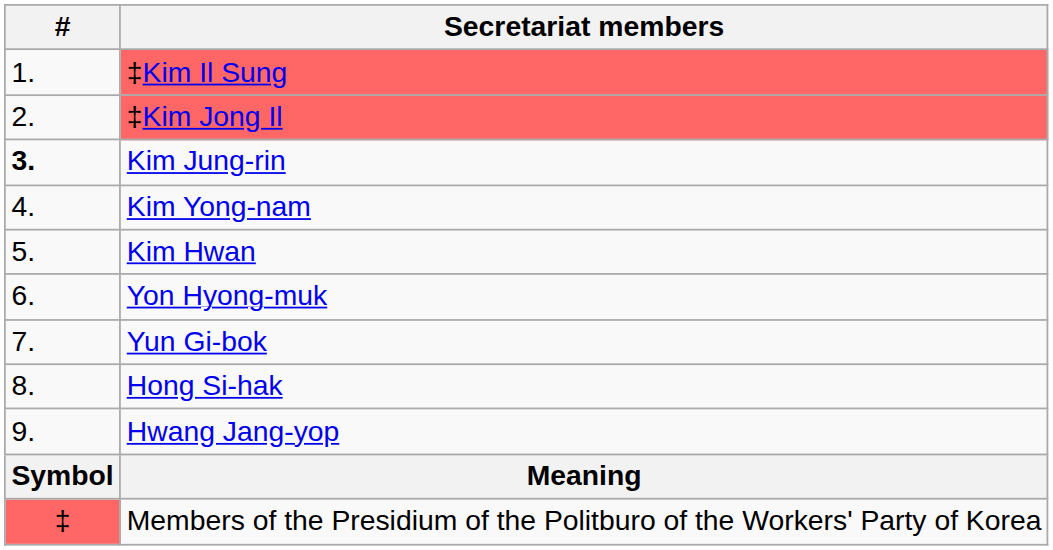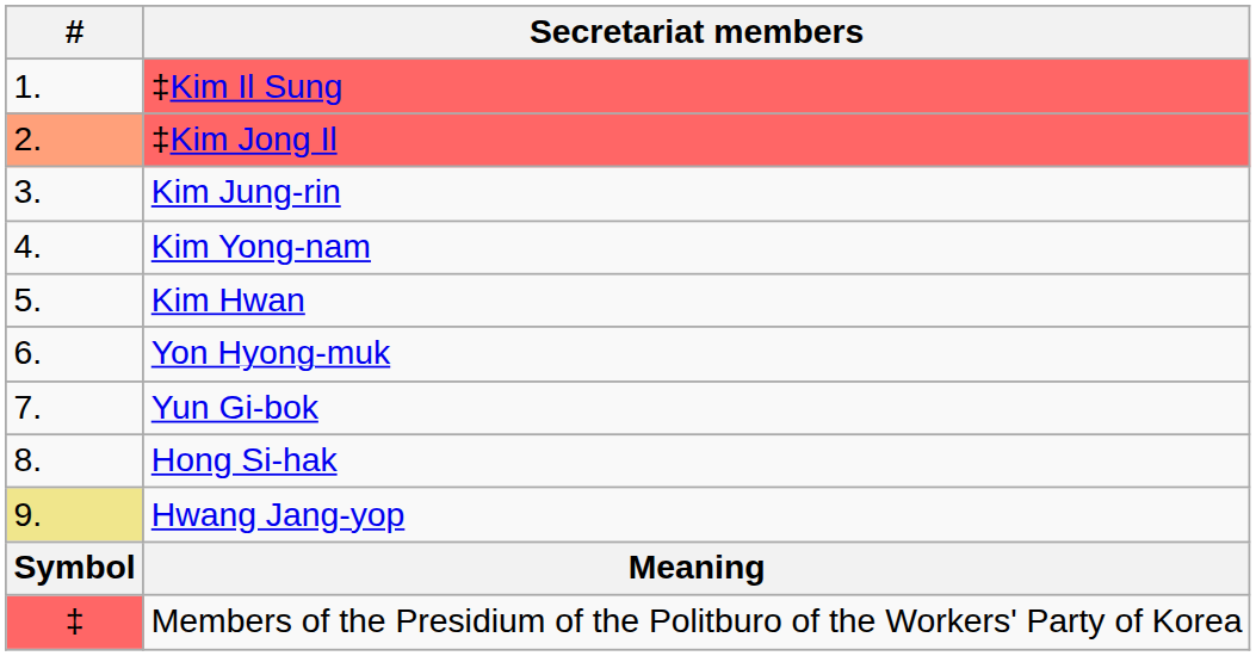 <table class="wikitable plainrowheaders">
 <tr>
 <th scope="col">#</th>
 <th scope="col">Secretariat members</th>
 </tr>
 <tr>
 <td>1.</td>
 <td scope="row" style="background:#f66;">‡<a href='#'>Kim Il Sung</a></td>
 </tr>
 <tr>
-<td>2.</td>
+<td style="background: lightsalmon;">2.</td>
 <td scope="row" style="background:#f66;">‡<a href='#'>Kim Jong Il</a></td>
 </tr>
 <tr>
-<td><strong>3.</strong></td>
+<td>3.</td>
 <td scope="row"><a href='#'>Kim Jung-rin</a></td>
 </tr>
 <tr>
 <td>4.</td>
 <td scope="row"><a href='#'>Kim Yong-nam</a></td>
 </tr>
 <tr>
 <td>5.</td>
 <td scope="row"><a href='#'>Kim Hwan</a></td>
 </tr>
 <tr>
 <td>6.</td>
 <td scope="row"><a href='#'>Yon Hyong-muk</a></td>
 </tr>
 <tr>
 <td>7.</td>
 <td scope="row"><a href='#'>Yun Gi-bok</a></td>
 </tr>
 <tr>
 <td>8.</td>
 <td scope="row"><a href='#'>Hong Si-hak</a></td>
 </tr>
 <tr>
-<td>9.</td>
+<td style="background: khaki;">9.</td>
 <td scope="row"><a href='#'>Hwang Jang-yop</a></td>
 </tr>
 <tr>
 <th scope="col">Symbol</th>
 <th scope="col">Meaning</th>
 </tr>
 <tr>
 <td style="text-align:center; background:#f66;">‡</td>
 <td>Members of the Presidium of the Politburo of the Workers' Party of Korea</td>
 </tr>
 </table>
